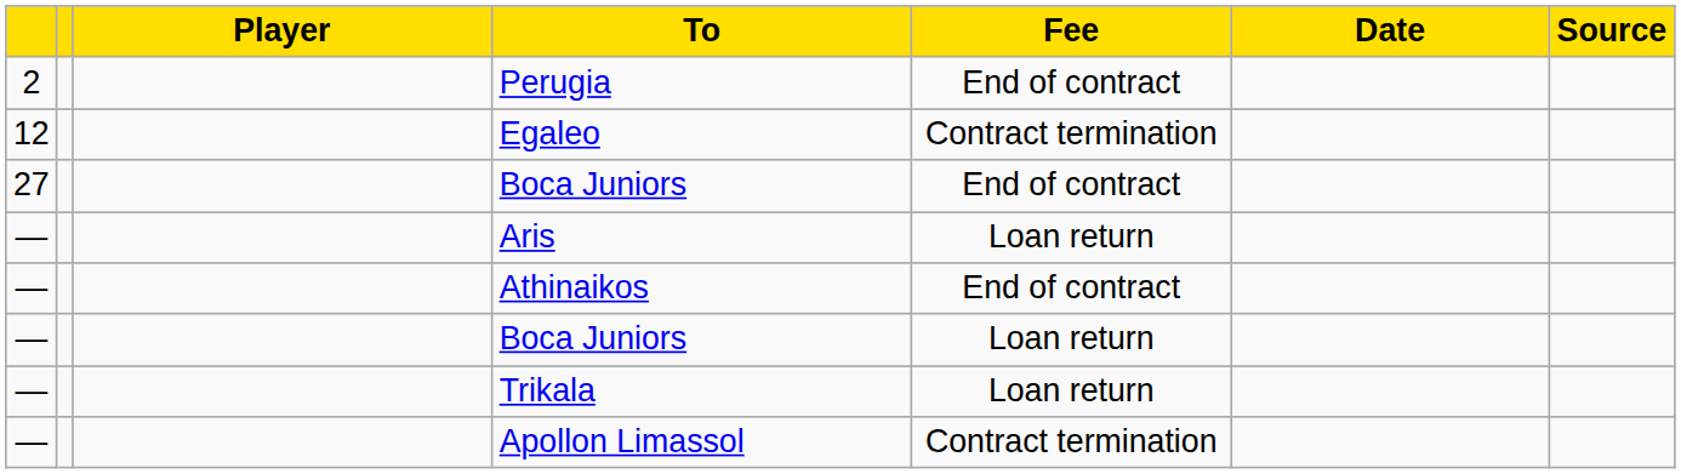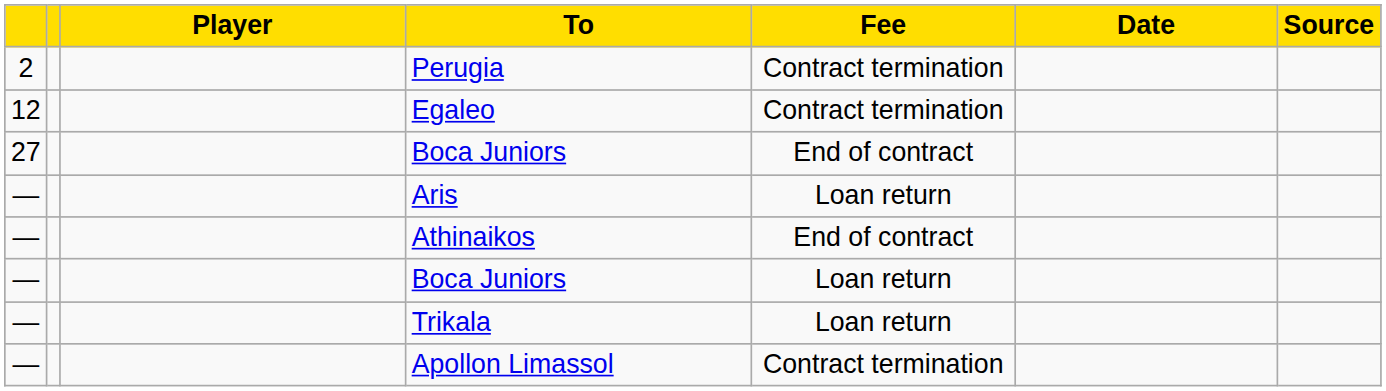 <table class="wikitable sortable">
 <tr>
 <th style="background:#FFDE00"></th>
 <th style="background:#FFDE00"></th>
 <th width=200 style="background:#FFDE00">Player</th>
 <th width=200 style="background:#FFDE00">To</th>
 <th width=150 style="background:#FFDE00">Fee</th>
 <th width=150 style="background:#FFDE00">Date</th>
 <th style="background:#FFDE00">Source</th>
 </tr>
 <tr>
 <td align=center>2</td>
 <td align=center></td>
 <td></td>
 <td> <a href='#'>Perugia</a></td>
-<td align=center>End of contract</td>
+<td align=center>Contract termination</td>
 <td align=center></td>
 <td align=center></td>
 </tr>
 <tr>
 <td align=center>12</td>
 <td align=center></td>
 <td></td>
 <td> <a href='#'>Egaleo</a></td>
 <td align=center>Contract termination</td>
 <td align=center></td>
 <td align=center></td>
 </tr>
 <tr>
 <td align=center>27</td>
 <td align=center></td>
 <td></td>
 <td> <a href='#'>Boca Juniors</a></td>
 <td align=center>End of contract</td>
 <td align=center></td>
 <td align=center></td>
 </tr>
 <tr>
 <td align=center>—</td>
 <td align=center></td>
 <td></td>
 <td> <a href='#'>Aris</a></td>
 <td align=center>Loan return</td>
 <td align=center></td>
 <td align=center></td>
 </tr>
 <tr>
 <td align=center>—</td>
 <td align=center></td>
 <td></td>
 <td> <a href='#'>Athinaikos</a></td>
 <td align=center>End of contract</td>
 <td align=center></td>
 <td align=center></td>
 </tr>
 <tr>
 <td align=center>—</td>
 <td align=center></td>
 <td></td>
 <td> <a href='#'>Boca Juniors</a></td>
 <td align=center>Loan return</td>
 <td align=center></td>
 <td align=center></td>
 </tr>
 <tr>
 <td align=center>—</td>
 <td align=center></td>
 <td></td>
 <td> <a href='#'>Trikala</a></td>
 <td align=center>Loan return</td>
 <td align=center></td>
 <td align=center></td>
 </tr>
 <tr>
 <td align=center>—</td>
 <td align=center></td>
 <td></td>
 <td> <a href='#'>Apollon Limassol</a></td>
 <td align=center>Contract termination</td>
 <td align=center></td>
 <td align=center></td>
 </tr>
 </table>
